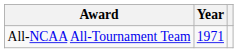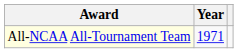 <table class="wikitable">
 <tr>
 <th>Award</th>
 <th>Year</th>
 <th></th>
 </tr>
 <tr>
-<td>All-<a href='#'>NCAA</a> <a href='#'>All-Tournament Team</a></td>
+<td style="background: lightyellow;">All-<a href='#'>NCAA</a> <a href='#'>All-Tournament Team</a></td>
 <td><a href='#'>1971</a></td>
 <td></td>
 </tr>
 </table>
